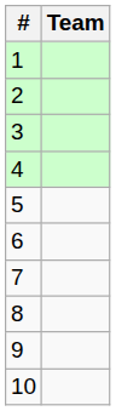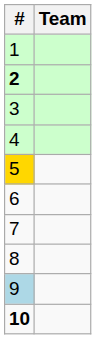 <table class="wikitable">
 <tr>
 <th>#</th>
 <th>Team</th>
 </tr>
 <tr bgcolor=CCFFCC>
 <td>1</td>
 <td></td>
 </tr>
 <tr bgcolor=CCFFCC>
-<td>2</td>
+<td><strong>2</strong></td>
 <td></td>
 </tr>
 <tr bgcolor=CCFFCC>
 <td>3</td>
 <td></td>
 </tr>
 <tr bgcolor=CCFFCC>
 <td>4</td>
 <td></td>
 </tr>
 <tr>
-<td>5</td>
+<td style="background: gold;">5</td>
 <td></td>
 </tr>
 <tr>
 <td>6</td>
 <td></td>
 </tr>
 <tr>
 <td>7</td>
 <td></td>
 </tr>
 <tr>
 <td>8</td>
 <td></td>
 </tr>
 <tr>
-<td>9</td>
+<td style="background: lightblue;">9</td>
 <td></td>
 </tr>
 <tr>
-<td>10</td>
+<td><strong>10</strong></td>
 <td><strong></strong></td>
 </tr>
 </table>
